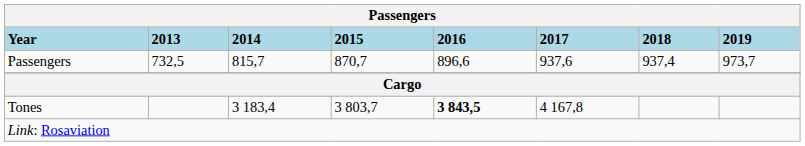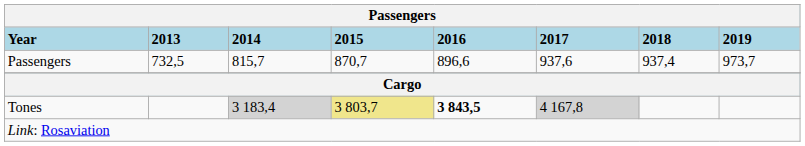 <table class="wikitable" width="70%">
 <tr style="background-color: LightBlue">
 <th colspan="21">Passengers</th>
 </tr>
 <tr style="background-color: LightBlue">
 <td><strong>Year</strong></td>
 <td><strong>2013</strong></td>
 <td><strong>2014</strong></td>
 <td><strong>2015</strong></td>
 <td><strong>2016</strong></td>
 <td><strong>2017</strong></td>
 <td><strong>2018</strong></td>
 <td><strong>2019</strong></td>
 </tr>
 <tr>
 <td>Passengers</td>
 <td>732,5</td>
 <td>815,7</td>
 <td>870,7</td>
 <td>896,6</td>
 <td>937,6</td>
 <td>937,4</td>
 <td>973,7</td>
 </tr>
 <tr>
 </tr>
 <tr style="background-color: LightBlue">
 <th colspan="21">Cargo</th>
 </tr>
 <tr>
 <td>Tones</td>
 <td></td>
-<td>3 183,4</td>
-<td>3 803,7</td>
+<td style="background: lightgrey;">3 183,4</td>
+<td style="background: khaki;">3 803,7</td>
 <td><strong>3 843,5</strong></td>
-<td>4 167,8</td>
+<td style="background: lightgrey;">4 167,8</td>
 <td></td>
 <td></td>
 </tr>
 <tr>
 <td colspan=9 align="left"><em>Link</em>: <a href='#'>Rosaviation</a></td>
 </tr>
 </table>
